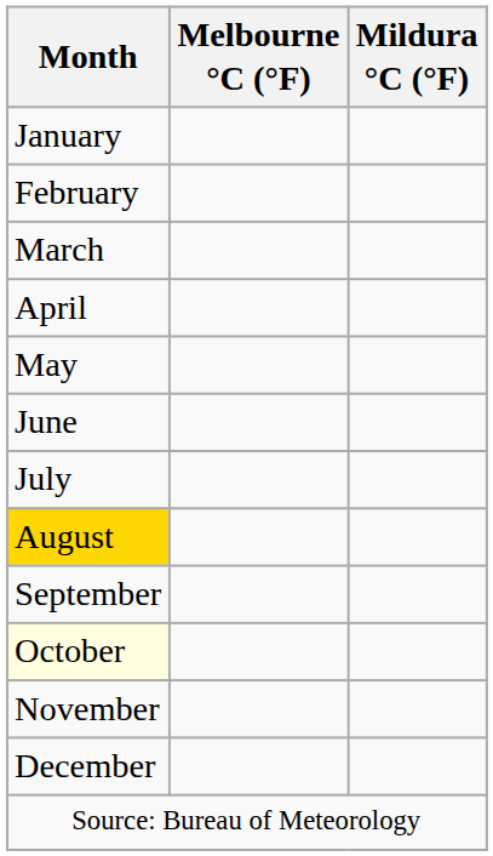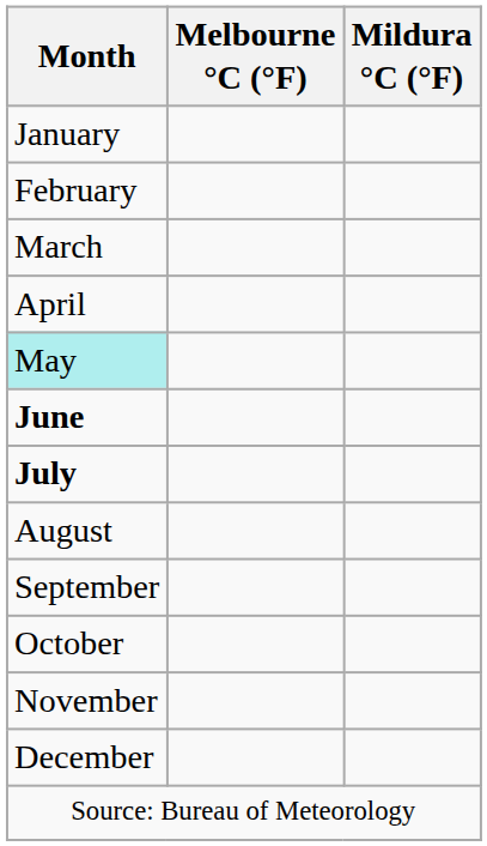 <table class=wikitable style="float:right; clear:right; line-height:1.2em; font-size:90%; margin-left:1em">
 <tr style="background:#ccc; vertical-align:center;">
 <th>Month</th>
 <th>Melbourne<br>°C (°F)</th>
 <th>Mildura <br>°C (°F)</th>
 </tr>
 <tr>
 <td style="text-align:left;">January</td>
 <td style="text-align:center;"></td>
 <td style="text-align:center;"></td>
 </tr>
 <tr>
 <td style="text-align:left;">February</td>
 <td style="text-align:center;"></td>
 <td style="text-align:center;"></td>
 </tr>
 <tr>
 <td style="text-align:left;">March</td>
 <td style="text-align:center;"></td>
 <td style="text-align:center;"></td>
 </tr>
 <tr>
 <td style="text-align:left;">April</td>
 <td style="text-align:center;"></td>
 <td style="text-align:center;"></td>
 </tr>
 <tr>
-<td style="text-align:left;">May</td>
+<td style="background: paleturquoise; text-align:left;">May</td>
 <td style="text-align:center;"></td>
 <td style="text-align:center;"></td>
 </tr>
 <tr>
-<td style="text-align:left;">June</td>
+<td style="text-align:left;"><strong>June</strong></td>
 <td style="text-align:center;"></td>
 <td style="text-align:center;"></td>
 </tr>
 <tr>
-<td style="text-align:left;">July</td>
+<td style="text-align:left;"><strong>July</strong></td>
 <td style="text-align:center;"></td>
 <td style="text-align:center;"></td>
 </tr>
 <tr>
-<td style="background: gold; text-align:left;">August</td>
+<td style="text-align:left;">August</td>
 <td style="text-align:center;"></td>
 <td style="text-align:center;"></td>
 </tr>
 <tr>
 <td style="text-align:left;">September</td>
 <td style="text-align:center;"></td>
 <td style="text-align:center;"></td>
 </tr>
 <tr>
-<td style="background: lightyellow; text-align:left;">October</td>
+<td style="text-align:left;">October</td>
 <td style="text-align:center;"></td>
 <td style="text-align:center;"></td>
 </tr>
 <tr>
 <td style="text-align:left;">November</td>
 <td style="text-align:center;"></td>
 <td style="text-align:center;"></td>
 </tr>
 <tr>
 <td style="text-align:left;">December</td>
 <td style="text-align:center;"></td>
 <td style="text-align:center;"></td>
 </tr>
 <tr>
 <td colspan="5"  style="font-size:80%; text-align:center;">Source: Bureau of Meteorology</td>
 </tr>
 </table>
